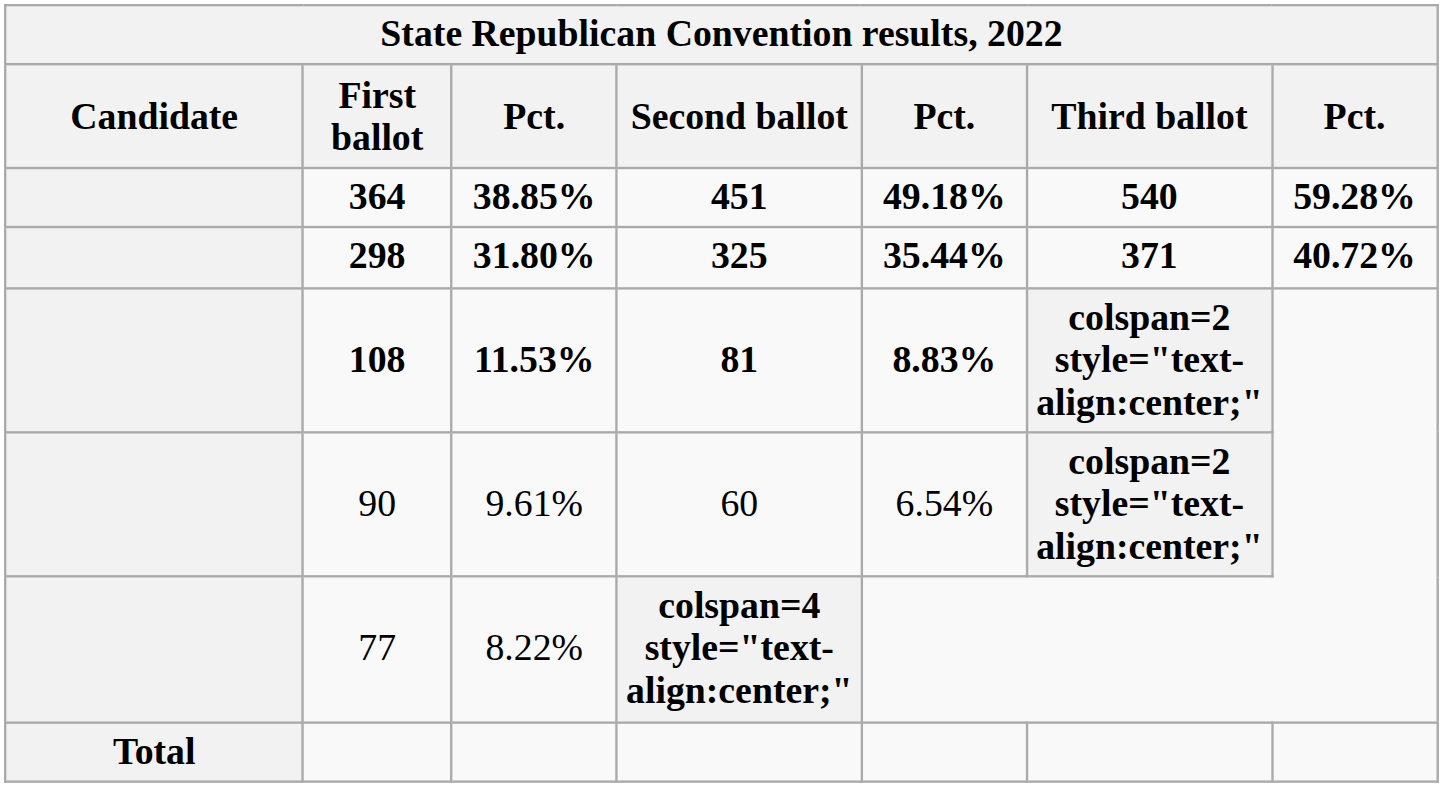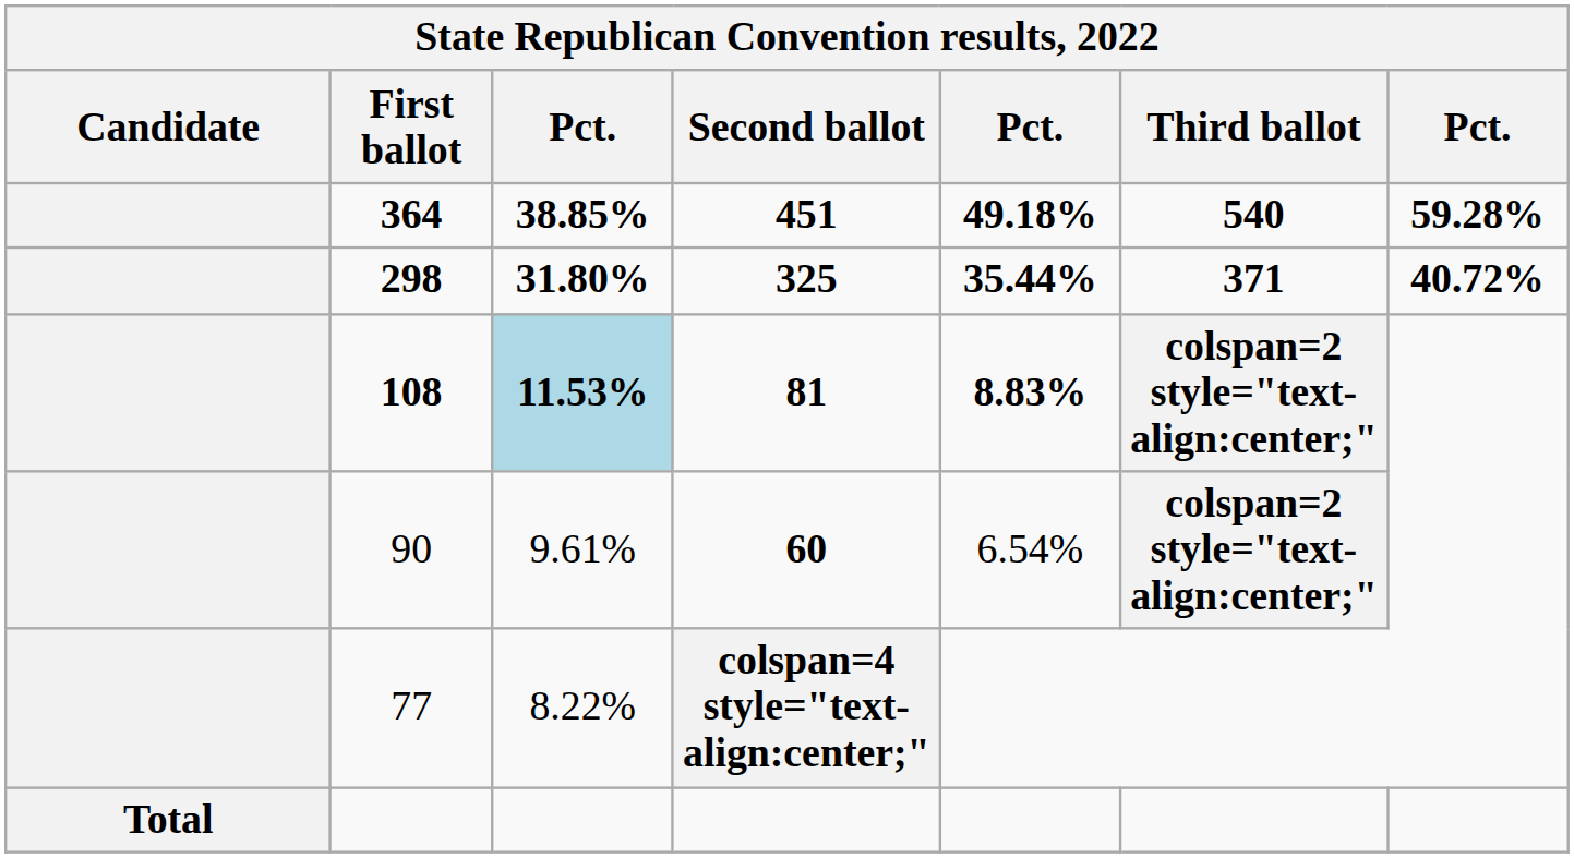 <table class="wikitable sortable plainrowheaders">
 <tr>
 <th colspan="7" >State Republican Convention results, 2022</th>
 </tr>
 <tr style="background:#eee; text-align:center;">
 <th scope="col" style="width: 12em">Candidate</th>
 <th scope="col"  style="width: 5em">First ballot</th>
 <th scope="col"  style="width: 5em">Pct.</th>
 <th scope="col"  style="width: 5em">Second ballot</th>
 <th scope="col"  style="width: 5em">Pct.</th>
 <th scope="col"  style="width: 5em">Third ballot</th>
 <th scope="col"  style="width: 5em">Pct.</th>
 </tr>
 <tr>
 <th scope="row"></th>
 <td style="text-align:center;"><strong>364</strong></td>
 <td style="text-align:center;"><strong>38.85%</strong></td>
 <td style="text-align:center;"><strong>451</strong></td>
 <td style="text-align:center;"><strong>49.18%</strong></td>
 <td style="text-align:center;"><strong>540</strong></td>
 <td style="text-align:center;"><strong>59.28%</strong></td>
 </tr>
 <tr>
 <th scope="row"></th>
 <td style="text-align:center;"><strong>298</strong></td>
 <td style="text-align:center;"><strong>31.80%</strong></td>
 <td style="text-align:center;"><strong>325</strong></td>
 <td style="text-align:center;"><strong>35.44%</strong></td>
 <td style="text-align:center;"><strong>371</strong></td>
 <td style="text-align:center;"><strong>40.72%</strong></td>
 </tr>
 <tr>
 <th scope="row"></th>
 <td style="text-align:center;"><strong>108</strong></td>
-<td style="text-align:center;"><strong>11.53%</strong></td>
+<td style="background: lightblue; text-align:center;"><strong>11.53%</strong></td>
 <td style="text-align:center;"><strong>81</strong></td>
 <td style="text-align:center;"><strong>8.83%</strong></td>
 <th>colspan=2 style="text-align:center;" </th>
 </tr>
 <tr>
 <th scope="row"></th>
 <td style="text-align:center;">90</td>
 <td style="text-align:center;">9.61%</td>
-<td style="text-align:center;">60</td>
+<td style="text-align:center;"><strong>60</strong></td>
 <td style="text-align:center;">6.54%</td>
 <th>colspan=2 style="text-align:center;" </th>
 </tr>
 <tr>
 <th scope="row"></th>
 <td style="text-align:center;">77</td>
 <td style="text-align:center;">8.22%</td>
 <th>colspan=4 style="text-align:center;" </th>
 </tr>
 <tr>
 <th scope="row"><strong>Total</strong></th>
 <td style="text-align:center;"><strong></strong></td>
 <td style="text-align:center;"><strong></strong></td>
 <td style="text-align:center;"><strong></strong></td>
 <td style="text-align:center;"><strong></strong></td>
 <td style="text-align:center;"><strong></strong></td>
 <td style="text-align:center;"><strong></strong></td>
 </tr>
 </table>
